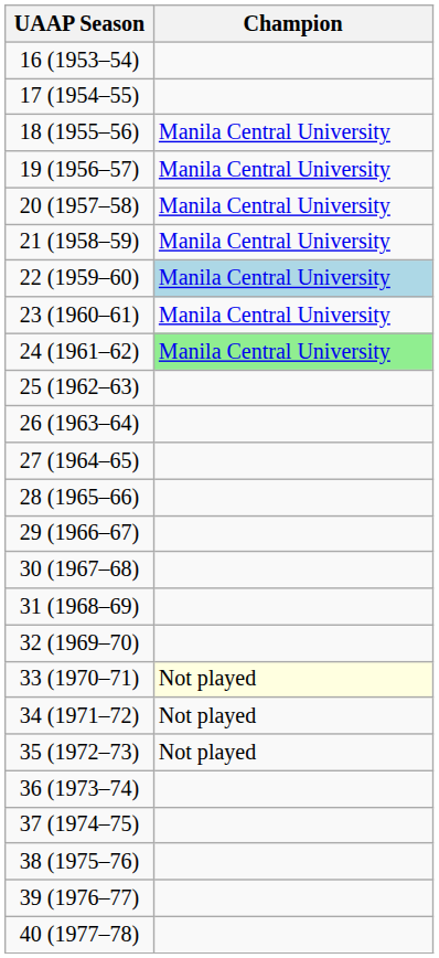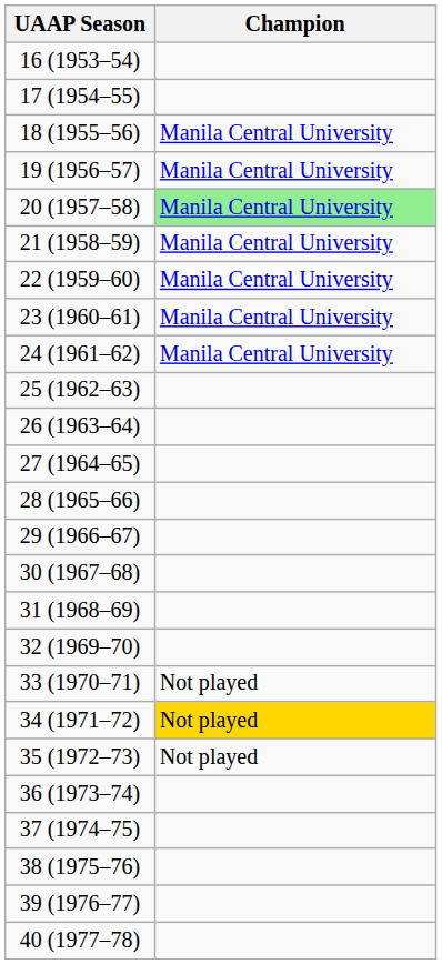 <table class="wikitable" style="font-size:90%;">
 <tr>
 <th width=90px><strong>UAAP Season</strong></th>
 <th width=175px><strong>Champion</strong></th>
 </tr>
 <tr>
 <td align=center>16 (1953–54)</td>
 <td></td>
 </tr>
 <tr>
 <td align=center>17 (1954–55)</td>
 <td></td>
 </tr>
 <tr>
 <td align=center>18 (1955–56)</td>
 <td> <a href='#'>Manila Central University</a></td>
 </tr>
 <tr>
 <td align=center>19 (1956–57)</td>
 <td> <a href='#'>Manila Central University</a></td>
 </tr>
 <tr>
 <td align=center>20 (1957–58)</td>
-<td> <a href='#'>Manila Central University</a></td>
+<td style="background: lightgreen;"> <a href='#'>Manila Central University</a></td>
 </tr>
 <tr>
 <td align=center>21 (1958–59)</td>
 <td> <a href='#'>Manila Central University</a></td>
 </tr>
 <tr>
 <td align=center>22 (1959–60)</td>
-<td style="background: lightblue;"> <a href='#'>Manila Central University</a></td>
+<td> <a href='#'>Manila Central University</a></td>
 </tr>
 <tr>
 <td align=center>23 (1960–61)</td>
 <td> <a href='#'>Manila Central University</a></td>
 </tr>
 <tr>
 <td align=center>24 (1961–62)</td>
-<td style="background: lightgreen;"> <a href='#'>Manila Central University</a></td>
+<td> <a href='#'>Manila Central University</a></td>
 </tr>
 <tr>
 <td align=center>25 (1962–63)</td>
 <td></td>
 </tr>
 <tr>
 <td align=center>26 (1963–64)</td>
 <td></td>
 </tr>
 <tr>
 <td align=center>27 (1964–65)</td>
 <td></td>
 </tr>
 <tr>
 <td align=center>28 (1965–66)</td>
 <td></td>
 </tr>
 <tr>
 <td align=center>29 (1966–67)</td>
 <td></td>
 </tr>
 <tr>
 <td align=center>30 (1967–68)</td>
 <td></td>
 </tr>
 <tr>
 <td align=center>31 (1968–69)</td>
 <td></td>
 </tr>
 <tr>
 <td align=center>32 (1969–70)</td>
 <td></td>
 </tr>
 <tr>
 <td align=center>33 (1970–71)</td>
-<td style="background: lightyellow;">Not played</td>
+<td>Not played</td>
 </tr>
 <tr>
 <td align=center>34 (1971–72)</td>
-<td>Not played</td>
+<td style="background: gold;">Not played</td>
 </tr>
 <tr>
 <td align=center>35 (1972–73)</td>
 <td>Not played</td>
 </tr>
 <tr>
 <td align=center>36 (1973–74)</td>
 <td></td>
 </tr>
 <tr>
 <td align=center>37 (1974–75)</td>
 <td></td>
 </tr>
 <tr>
 <td align=center>38 (1975–76)</td>
 <td></td>
 </tr>
 <tr>
 <td align=center>39 (1976–77)</td>
 <td></td>
 </tr>
 <tr>
 <td align=center>40 (1977–78)</td>
 <td></td>
 </tr>
 <tr>
 </tr>
 </table>
